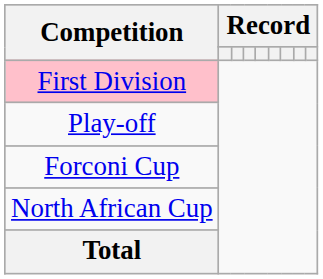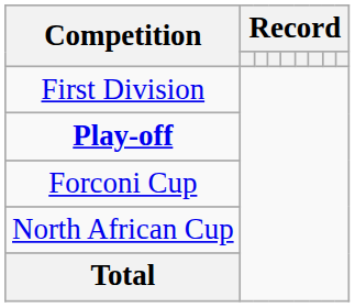 <table class="wikitable" style="text-align: center">
 <tr>
 <th rowspan=2>Competition</th>
 <th colspan=8>Record</th>
 </tr>
 <tr>
 <th></th>
 <th></th>
 <th></th>
 <th></th>
 <th></th>
 <th></th>
 <th></th>
 <th></th>
 </tr>
 <tr>
-<td style="background: pink;"><a href='#'>First Division</a><br></td>
+<td><a href='#'>First Division</a><br></td>
 </tr>
 <tr>
-<td><a href='#'>Play-off</a><br></td>
+<td><strong><a href='#'>Play-off</a><br></strong></td>
 </tr>
 <tr>
 <td><a href='#'>Forconi Cup</a><br></td>
 </tr>
 <tr>
 <td><a href='#'>North African Cup</a><br></td>
 </tr>
 <tr>
 <th>Total<br></th>
 </tr>
 </table>
